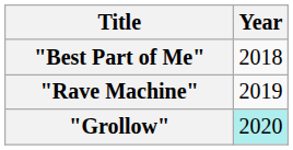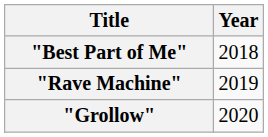 <table class="wikitable plainrowheaders" style="text-align:center;">
 <tr>
 <th scope="col" style="width:10em">Title</th>
 <th scope="col" style="width:2em">Year</th>
 </tr>
 <tr>
 <th scope="row">"Best Part of Me"</th>
 <td>2018</td>
 </tr>
 <tr>
 <th scope="row">"Rave Machine"</th>
 <td>2019</td>
 </tr>
 <tr>
 <th scope="row">"Grollow"</th>
-<td style="background: paleturquoise;">2020</td>
+<td>2020</td>
 </tr>
 </table>
